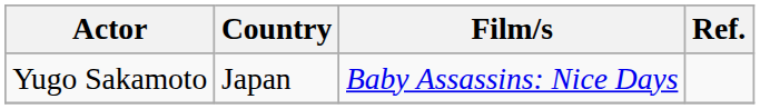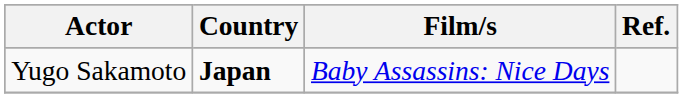 <table class="wikitable">
 <tr>
 <th>Actor</th>
 <th>Country</th>
 <th>Film/s</th>
 <th>Ref.</th>
 </tr>
 <tr>
 <td>Yugo Sakamoto</td>
-<td> Japan</td>
+<td><strong> Japan</strong></td>
 <td><em><a href='#'>Baby Assassins: Nice Days</a></em></td>
 <td></td>
 </tr>
 <tr>
 </tr>
 </table>
